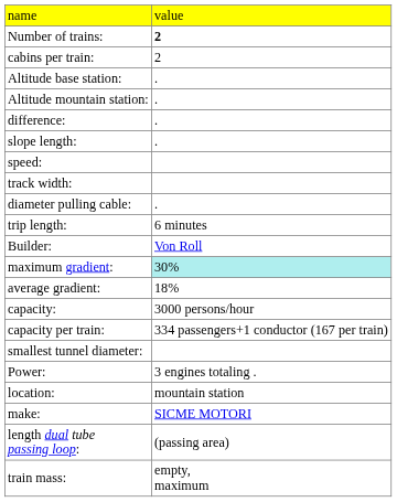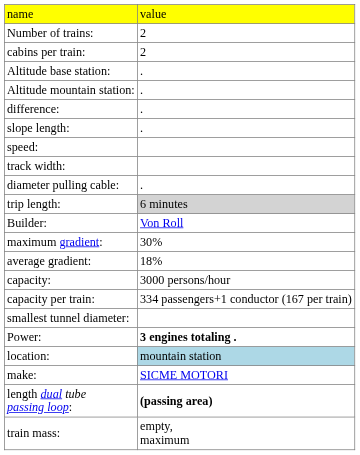 <table class="toccolours" border="1" cellpadding="3" style="border-collapse:collapse">
 <tr bgcolor=Yellow>
 <td>name</td>
 <td>value</td>
 </tr>
 <tr>
 <td>Number of trains:</td>
-<td><strong>2</strong></td>
+<td>2</td>
 </tr>
 <tr>
 <td>cabins per train:</td>
 <td>2</td>
 </tr>
 <tr>
 <td>Altitude base station:</td>
 <td>.</td>
 </tr>
 <tr>
 <td>Altitude mountain station:</td>
 <td>.</td>
 </tr>
 <tr>
 <td>difference:</td>
 <td>.</td>
 </tr>
 <tr>
 <td>slope length:</td>
 <td>.</td>
 </tr>
 <tr>
 <td>speed:</td>
 <td></td>
 </tr>
 <tr>
 <td>track width:</td>
 <td></td>
 </tr>
 <tr>
 <td>diameter pulling cable:</td>
 <td>.</td>
 </tr>
 <tr>
 <td>trip length:</td>
-<td>6 minutes</td>
+<td style="background: lightgrey;">6 minutes</td>
 </tr>
 <tr>
 <td>Builder:</td>
 <td><a href='#'>Von Roll</a></td>
 </tr>
 <tr>
 <td>maximum <a href='#'>gradient</a>:</td>
-<td style="background: paleturquoise;">30%</td>
+<td>30%</td>
 </tr>
 <tr>
 <td>average gradient:</td>
 <td>18%</td>
 </tr>
 <tr>
 <td>capacity:</td>
 <td>3000 persons/hour</td>
 </tr>
 <tr>
 <td>capacity per train:</td>
 <td>334 passengers+1 conductor (167 per train)</td>
 </tr>
 <tr>
 <td>smallest tunnel diameter:</td>
 <td></td>
 </tr>
 <tr>
 <td>Power:</td>
-<td>3 engines totaling .</td>
+<td><strong>3 engines totaling .</strong></td>
 </tr>
 <tr>
 <td>location:</td>
-<td>mountain station</td>
+<td style="background: lightblue;">mountain station</td>
 </tr>
 <tr>
 <td>make:</td>
 <td><a href='#'>SICME MOTORI</a></td>
 </tr>
 <tr>
 <td>length <em><a href='#'>dual</a> tube<br><a href='#'>passing loop</a></em>:</td>
-<td> (passing area)</td>
+<td><strong> (passing area)</strong></td>
 </tr>
 <tr>
 <td>train mass:</td>
 <td> empty, <br> maximum</td>
 </tr>
 </table>
